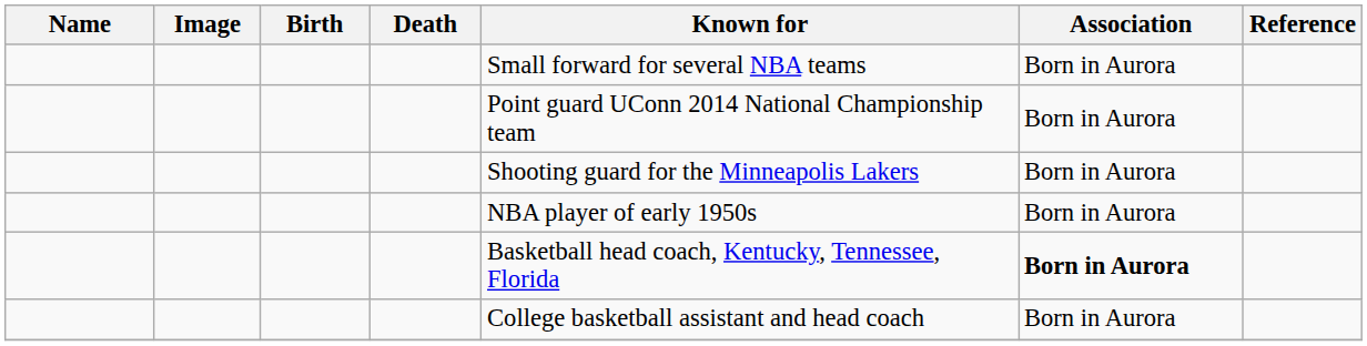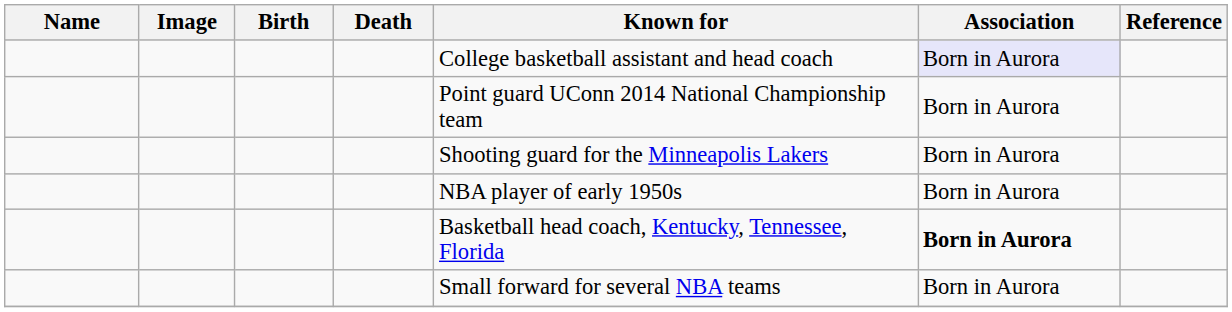 <table class="wikitable sortable">
 <tr>
 <th scope="col" width="140">Name</th>
 <th scope="col" width="80" class="unsortable">Image</th>
 <th scope="col" width="90">Birth</th>
 <th scope="col" width="90">Death</th>
 <th scope="col" width="600" class="unsortable">Known for</th>
 <th scope="col" width="200" class="unsortable">Association</th>
 <th scope="col" width="30" class="unsortable">Reference</th>
 </tr>
 <tr>
 <td></td>
 <td></td>
 <td align=right></td>
 <td align=right></td>
-<td>Small forward for several <a href='#'>NBA</a> teams</td>
-<td>Born in Aurora</td>
+<td>College basketball assistant and head coach</td>
+<td style="background: lavender;">Born in Aurora</td>
 <td align="center"></td>
 </tr>
 <tr>
 <td></td>
 <td></td>
 <td align=right></td>
 <td align=right></td>
 <td>Point guard UConn 2014 National Championship team</td>
 <td>Born in Aurora</td>
 <td align="center"></td>
 </tr>
 <tr>
 <td></td>
 <td></td>
 <td align=right></td>
 <td align=right></td>
 <td>Shooting guard for the <a href='#'>Minneapolis Lakers</a></td>
 <td>Born in Aurora</td>
 <td align="center"></td>
 </tr>
 <tr>
 <td></td>
 <td></td>
 <td align=right></td>
 <td align=right></td>
 <td>NBA player of early 1950s</td>
 <td>Born in Aurora</td>
 <td align="center"></td>
 </tr>
 <tr>
 <td></td>
 <td></td>
 <td align=right></td>
 <td align=right></td>
 <td>Basketball head coach, <a href='#'>Kentucky</a>, <a href='#'>Tennessee</a>, <a href='#'>Florida</a></td>
 <td><strong>Born in Aurora</strong></td>
 <td align="center"></td>
 </tr>
 <tr>
 <td></td>
 <td></td>
 <td align=right></td>
 <td align=right></td>
-<td>College basketball assistant and head coach</td>
+<td>Small forward for several <a href='#'>NBA</a> teams</td>
 <td>Born in Aurora</td>
 <td align="center"></td>
 </tr>
 <tr>
 </tr>
 </table>
